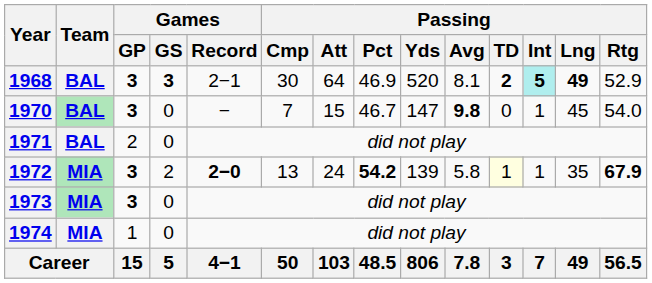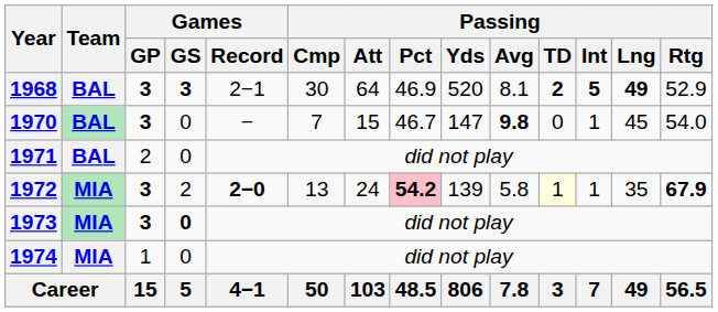 <table class="wikitable " style="text-align:center">
 <tr>
 <th rowspan="2">Year</th>
 <th rowspan="2">Team</th>
 <th colspan="3">Games</th>
 <th colspan="9">Passing</th>
 </tr>
 <tr>
 <th>GP</th>
 <th>GS</th>
 <th>Record</th>
 <th>Cmp</th>
 <th>Att</th>
 <th>Pct</th>
 <th>Yds</th>
 <th>Avg</th>
 <th>TD</th>
 <th>Int</th>
 <th>Lng</th>
 <th>Rtg</th>
 </tr>
 <tr>
 <th><a href='#'>1968</a></th>
 <th><a href='#'>BAL</a></th>
 <td><strong>3</strong></td>
 <td><strong>3</strong></td>
 <td>2−1</td>
 <td>30</td>
 <td>64</td>
 <td>46.9</td>
 <td>520</td>
 <td>8.1</td>
 <td><strong>2</strong></td>
-<td style="background: paleturquoise;"><strong>5</strong></td>
+<td><strong>5</strong></td>
 <td><strong>49</strong></td>
 <td>52.9</td>
 </tr>
 <tr>
 <th><a href='#'>1970</a></th>
 <th style="background:#afe6ba;"><a href='#'>BAL</a></th>
 <td><strong>3</strong></td>
 <td>0</td>
 <td>−</td>
 <td>7</td>
 <td>15</td>
 <td>46.7</td>
 <td>147</td>
 <td><strong>9.8</strong></td>
 <td>0</td>
 <td>1</td>
 <td>45</td>
 <td>54.0</td>
 </tr>
 <tr>
 <th><a href='#'>1971</a></th>
 <th><a href='#'>BAL</a></th>
 <td>2</td>
 <td>0</td>
 <td colspan="10"><em>did not play</em></td>
 </tr>
 <tr>
 <th><a href='#'>1972</a></th>
 <th style="background:#afe6ba;"><a href='#'>MIA</a></th>
 <td><strong>3</strong></td>
 <td>2</td>
 <td><strong>2−0</strong></td>
 <td>13</td>
 <td>24</td>
-<td><strong>54.2</strong></td>
+<td style="background: pink;"><strong>54.2</strong></td>
 <td>139</td>
 <td>5.8</td>
 <td style="background: lightyellow;">1</td>
 <td>1</td>
 <td>35</td>
 <td><strong>67.9</strong></td>
 </tr>
 <tr>
 <th><a href='#'>1973</a></th>
 <th style="background:#afe6ba;"><a href='#'>MIA</a></th>
 <td><strong>3</strong></td>
-<td>0</td>
+<td><strong>0</strong></td>
 <td colspan="10"><em>did not play</em></td>
 </tr>
 <tr>
 <th><a href='#'>1974</a></th>
 <th><a href='#'>MIA</a></th>
 <td>1</td>
 <td>0</td>
 <td colspan="10"><em>did not play</em></td>
 </tr>
 <tr>
 <th colspan="2">Career</th>
 <th>15</th>
 <th>5</th>
 <th>4−1</th>
 <th>50</th>
 <th>103</th>
 <th>48.5</th>
 <th>806</th>
 <th>7.8</th>
 <th>3</th>
 <th>7</th>
 <th>49</th>
 <th>56.5</th>
 </tr>
 </table>
